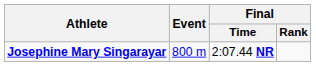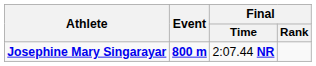 <table class="wikitable" style="font-size:90%">
 <tr>
 <th rowspan="2">Athlete</th>
 <th rowspan="2">Event</th>
 <th colspan="2">Final</th>
 </tr>
 <tr style="font-size:95%">
 <th>Time</th>
 <th>Rank</th>
 </tr>
 <tr align=center>
 <td align=left><strong><a href='#'>Josephine Mary Singarayar</a></strong></td>
-<td align=left><a href='#'>800 m</a></td>
+<td align=left><strong><a href='#'>800 m</a></strong></td>
 <td>2:07.44 <strong><a href='#'>NR</a></strong></td>
 <td></td>
 </tr>
 </table>
